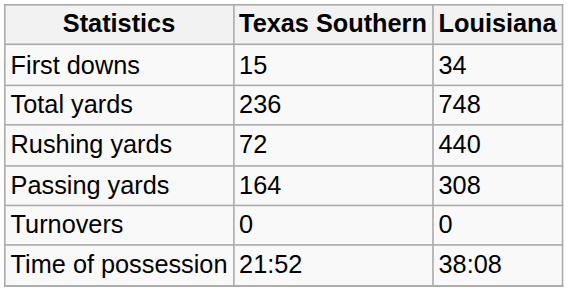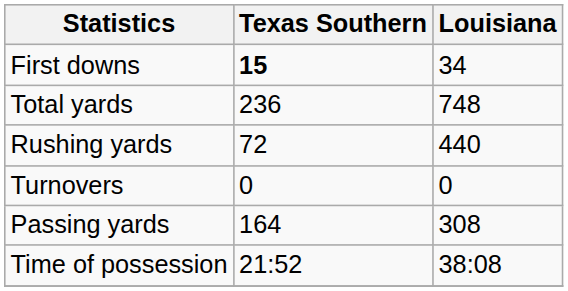 <table class="wikitable">
 <tr>
 <th>Statistics</th>
 <th>Texas Southern</th>
 <th>Louisiana</th>
 </tr>
 <tr>
 <td>First downs</td>
-<td>15</td>
+<td><strong>15</strong></td>
 <td>34</td>
 </tr>
 <tr>
 <td>Total yards</td>
 <td>236</td>
 <td>748</td>
 </tr>
 <tr>
 <td>Rushing yards</td>
 <td>72</td>
 <td>440</td>
 </tr>
 <tr>
+<td>Turnovers</td>
+<td>0</td>
+<td>0</td>
+</tr>
+<tr>
 <td>Passing yards</td>
 <td>164</td>
 <td>308</td>
-</tr>
-<tr>
-<td>Turnovers</td>
-<td>0</td>
-<td>0</td>
 </tr>
 <tr>
 <td>Time of possession</td>
 <td>21:52</td>
 <td>38:08</td>
 </tr>
 <tr>
 </tr>
 </table>
